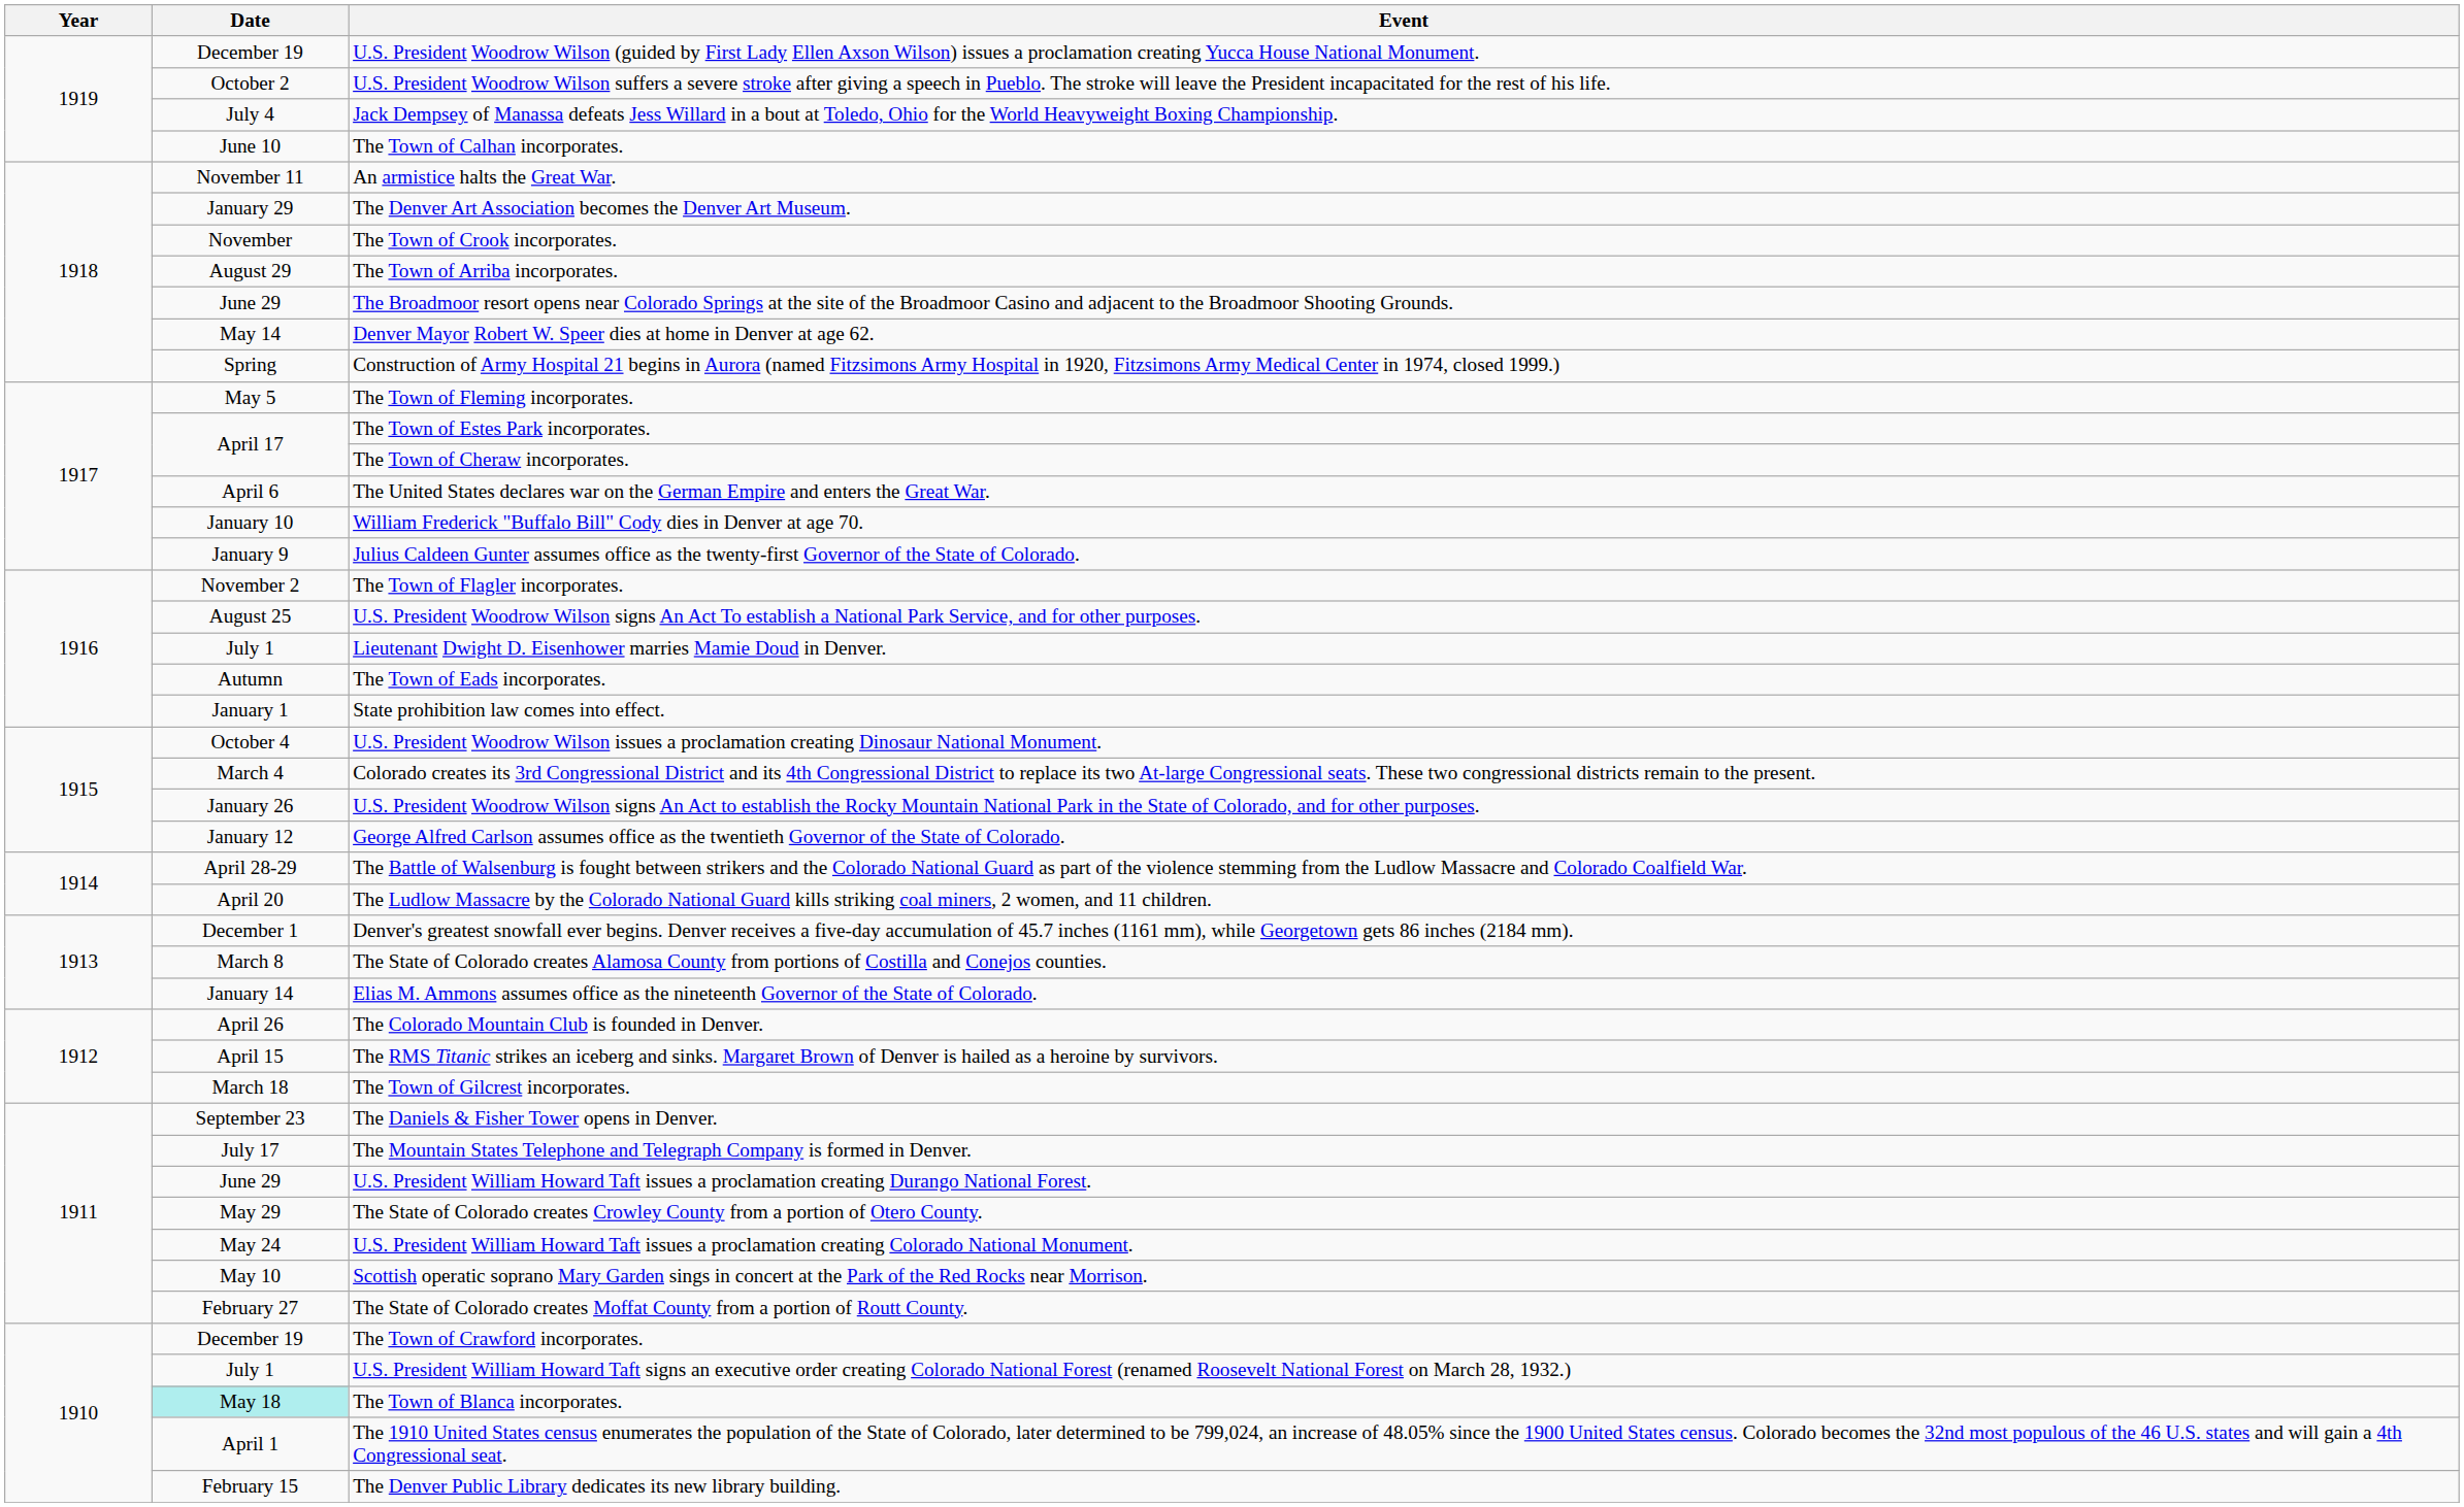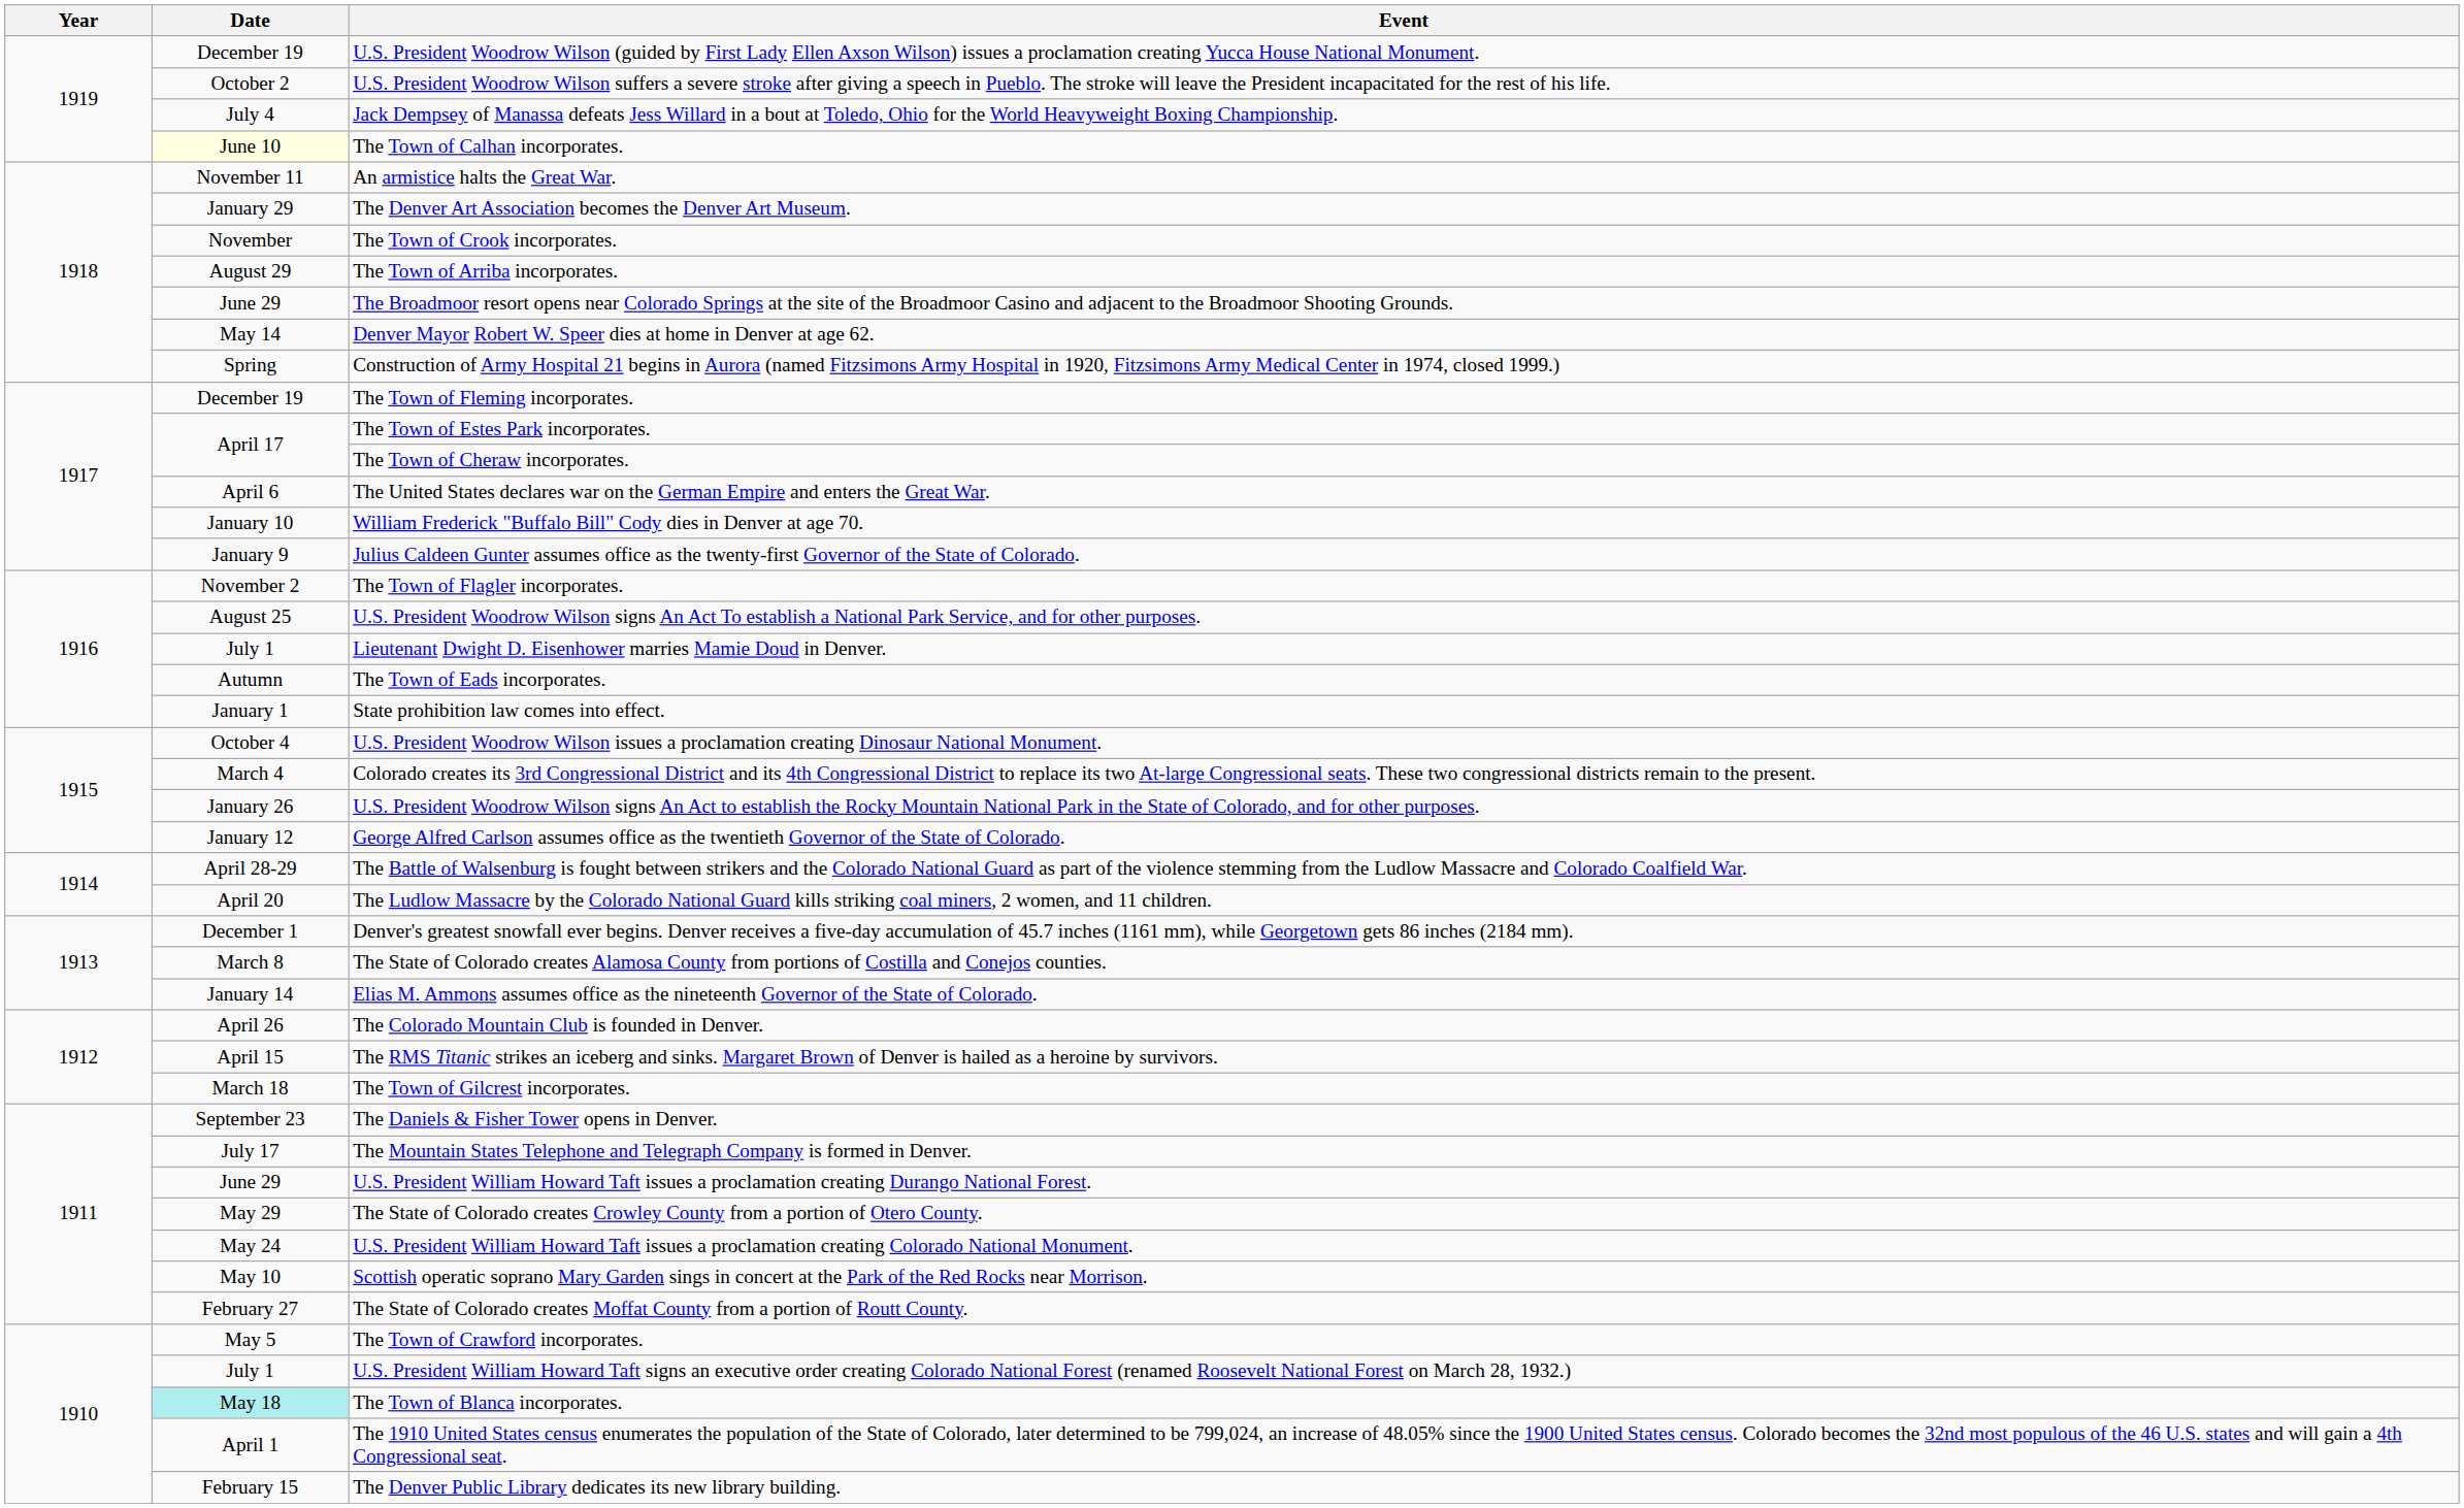 <table class="wikitable" style="width:100%;">
 <tr>
 <th style="width:6%">Year</th>
 <th style="width:8%">Date</th>
 <th style="width:86%">Event</th>
 </tr>
 <tr>
 <td align=center rowspan=4>1919</td>
 <td align=center>December 19</td>
 <td><a href='#'>U.S. President</a> <a href='#'>Woodrow Wilson</a> (guided by <a href='#'>First Lady</a> <a href='#'>Ellen Axson Wilson</a>) issues a proclamation creating <a href='#'>Yucca House National Monument</a>.</td>
 </tr>
 <tr>
 <td align=center>October 2</td>
 <td><a href='#'>U.S. President</a> <a href='#'>Woodrow Wilson</a> suffers a severe <a href='#'>stroke</a> after giving a speech in <a href='#'>Pueblo</a>. The stroke will leave the President incapacitated for the rest of his life.</td>
 </tr>
 <tr>
 <td align=center>July 4</td>
 <td><a href='#'>Jack Dempsey</a> of <a href='#'>Manassa</a> defeats <a href='#'>Jess Willard</a> in a bout at <a href='#'>Toledo, Ohio</a> for the <a href='#'>World Heavyweight Boxing Championship</a>.</td>
 </tr>
 <tr>
-<td align=center>June 10</td>
+<td align=center style="background: lightyellow;">June 10</td>
 <td>The <a href='#'>Town of Calhan</a> incorporates.</td>
 </tr>
 <tr>
 <td align=center rowspan=7>1918</td>
 <td align=center>November 11</td>
 <td>An <a href='#'>armistice</a> halts the <a href='#'>Great War</a>.</td>
 </tr>
 <tr>
 <td align=center>January 29</td>
 <td>The <a href='#'>Denver Art Association</a> becomes the <a href='#'>Denver Art Museum</a>.</td>
 </tr>
 <tr>
 <td align=center>November</td>
 <td>The <a href='#'>Town of Crook</a> incorporates.</td>
 </tr>
 <tr>
 <td align=center>August 29</td>
 <td>The <a href='#'>Town of Arriba</a> incorporates.</td>
 </tr>
 <tr>
 <td align=center>June 29</td>
 <td><a href='#'>The Broadmoor</a> resort opens near <a href='#'>Colorado Springs</a> at the site of the Broadmoor Casino and adjacent to the  Broadmoor Shooting Grounds.</td>
 </tr>
 <tr>
 <td align=center>May 14</td>
 <td><a href='#'>Denver Mayor</a> <a href='#'>Robert W. Speer</a> dies at home in Denver at age 62.</td>
 </tr>
 <tr>
 <td align=center>Spring</td>
 <td>Construction of <a href='#'>Army Hospital 21</a> begins in <a href='#'>Aurora</a> (named <a href='#'>Fitzsimons Army Hospital</a> in 1920, <a href='#'>Fitzsimons Army Medical Center</a> in 1974, closed 1999.)</td>
 </tr>
 <tr>
 <td align=center rowspan=6>1917</td>
-<td align=center>May 5</td>
+<td align=center>December 19</td>
 <td>The <a href='#'>Town of Fleming</a> incorporates.</td>
 </tr>
 <tr>
 <td align=center rowspan=2>April 17</td>
 <td>The <a href='#'>Town of Estes Park</a> incorporates.</td>
 </tr>
 <tr>
 <td>The <a href='#'>Town of Cheraw</a> incorporates.</td>
 </tr>
 <tr>
 <td align=center>April 6</td>
 <td>The United States declares war on the <a href='#'>German Empire</a> and enters the <a href='#'>Great War</a>.</td>
 </tr>
 <tr>
 <td align=center>January 10</td>
 <td><a href='#'>William Frederick "Buffalo Bill" Cody</a> dies in Denver at age 70.</td>
 </tr>
 <tr>
 <td align=center>January 9</td>
 <td><a href='#'>Julius Caldeen Gunter</a> assumes office as the twenty-first <a href='#'>Governor of the State of Colorado</a>.</td>
 </tr>
 <tr>
 <td align=center rowspan=5>1916</td>
 <td align=center>November 2</td>
 <td>The <a href='#'>Town of Flagler</a> incorporates.</td>
 </tr>
 <tr>
 <td align=center>August 25</td>
 <td><a href='#'>U.S. President</a> <a href='#'>Woodrow Wilson</a> signs <a href='#'>An Act To establish a National Park Service, and for other purposes</a>.</td>
 </tr>
 <tr>
 <td align=center>July 1</td>
 <td><a href='#'>Lieutenant</a> <a href='#'>Dwight D. Eisenhower</a> marries <a href='#'>Mamie Doud</a> in Denver.</td>
 </tr>
 <tr>
 <td align=center>Autumn</td>
 <td>The <a href='#'>Town of Eads</a> incorporates.</td>
 </tr>
 <tr>
 <td align=center>January 1</td>
 <td>State prohibition law comes into effect.</td>
 </tr>
 <tr>
 <td align=center rowspan=4>1915</td>
 <td align=center>October 4</td>
 <td><a href='#'>U.S. President</a> <a href='#'>Woodrow Wilson</a> issues a proclamation creating <a href='#'>Dinosaur National Monument</a>.</td>
 </tr>
 <tr>
 <td align=center>March 4</td>
 <td>Colorado creates its <a href='#'>3rd Congressional District</a> and its <a href='#'>4th Congressional District</a> to replace its two <a href='#'>At-large Congressional seats</a>. These two congressional districts remain to the present.</td>
 </tr>
 <tr>
 <td align=center>January 26</td>
 <td><a href='#'>U.S. President</a> <a href='#'>Woodrow Wilson</a> signs <a href='#'>An Act to establish the Rocky Mountain National Park in the State of Colorado, and for other purposes</a>.</td>
 </tr>
 <tr>
 <td align=center>January 12</td>
 <td><a href='#'>George Alfred Carlson</a> assumes office as the twentieth <a href='#'>Governor of the State of Colorado</a>.</td>
 </tr>
 <tr>
 <td align=center rowspan=2>1914</td>
 <td align=center>April 28-29</td>
 <td>The <a href='#'>Battle of Walsenburg</a> is fought between strikers and the <a href='#'>Colorado National Guard</a> as part of the violence stemming from the Ludlow Massacre and <a href='#'>Colorado Coalfield War</a>.</td>
 </tr>
 <tr>
 <td align=center>April 20</td>
 <td>The <a href='#'>Ludlow Massacre</a> by the <a href='#'>Colorado National Guard</a> kills striking <a href='#'>coal miners</a>, 2 women, and 11 children.</td>
 </tr>
 <tr>
 <td align=center rowspan=3>1913</td>
 <td align=center>December 1</td>
 <td>Denver's greatest snowfall ever begins. Denver receives a five-day accumulation of 45.7 inches (1161 mm), while <a href='#'>Georgetown</a> gets 86 inches (2184 mm).</td>
 </tr>
 <tr>
 <td align=center>March 8</td>
 <td>The State of Colorado creates <a href='#'>Alamosa County</a> from portions of <a href='#'>Costilla</a> and <a href='#'>Conejos</a> counties.</td>
 </tr>
 <tr>
 <td align=center>January 14</td>
 <td><a href='#'>Elias M. Ammons</a> assumes office as the nineteenth <a href='#'>Governor of the State of Colorado</a>.</td>
 </tr>
 <tr>
 <td align=center rowspan=3>1912</td>
 <td align=center>April 26</td>
 <td>The <a href='#'>Colorado Mountain Club</a> is founded in Denver.</td>
 </tr>
 <tr>
 <td align=center>April 15</td>
 <td>The <a href='#'>RMS <em>Titanic</em></a> strikes an iceberg and sinks. <a href='#'>Margaret Brown</a> of Denver is hailed as a heroine by survivors.</td>
 </tr>
 <tr>
 <td align=center>March 18</td>
 <td>The <a href='#'>Town of Gilcrest</a> incorporates.</td>
 </tr>
 <tr>
 <td align=center rowspan=7>1911</td>
 <td align=center>September 23</td>
 <td>The <a href='#'>Daniels & Fisher Tower</a> opens in Denver.</td>
 </tr>
 <tr>
 <td align=center>July 17</td>
 <td>The <a href='#'>Mountain States Telephone and Telegraph Company</a> is formed in Denver.</td>
 </tr>
 <tr>
 <td align=center>June 29</td>
 <td><a href='#'>U.S. President</a> <a href='#'>William Howard Taft</a> issues a proclamation creating <a href='#'>Durango National Forest</a>.</td>
 </tr>
 <tr>
 <td align=center>May 29</td>
 <td>The State of Colorado creates <a href='#'>Crowley County</a> from a portion of <a href='#'>Otero County</a>.</td>
 </tr>
 <tr>
 <td align=center>May 24</td>
 <td><a href='#'>U.S. President</a> <a href='#'>William Howard Taft</a> issues a proclamation creating <a href='#'>Colorado National Monument</a>.</td>
 </tr>
 <tr>
 <td align=center>May 10</td>
 <td><a href='#'>Scottish</a> operatic soprano <a href='#'>Mary Garden</a> sings in concert at the <a href='#'>Park of the Red Rocks</a> near <a href='#'>Morrison</a>.</td>
 </tr>
 <tr>
 <td align=center>February 27</td>
 <td>The State of Colorado creates <a href='#'>Moffat County</a> from a portion of <a href='#'>Routt County</a>.</td>
 </tr>
 <tr>
 <td align=center rowspan=5>1910</td>
-<td align=center>December 19</td>
+<td align=center>May 5</td>
 <td>The <a href='#'>Town of Crawford</a> incorporates.</td>
 </tr>
 <tr>
 <td align=center>July 1</td>
 <td><a href='#'>U.S. President</a> <a href='#'>William Howard Taft</a> signs an executive order creating <a href='#'>Colorado National Forest</a> (renamed <a href='#'>Roosevelt National Forest</a> on March 28, 1932.)</td>
 </tr>
 <tr>
 <td align=center style="background: paleturquoise;">May 18</td>
 <td>The <a href='#'>Town of Blanca</a> incorporates.</td>
 </tr>
 <tr>
 <td align=center>April 1</td>
 <td>The <a href='#'>1910 United States census</a> enumerates the population of the State of Colorado, later determined to be 799,024, an increase of 48.05% since the <a href='#'>1900 United States census</a>. Colorado becomes the <a href='#'>32nd most populous of the 46 U.S. states</a> and will gain a <a href='#'>4th Congressional seat</a>.</td>
 </tr>
 <tr>
 <td align=center>February 15</td>
 <td>The <a href='#'>Denver Public Library</a> dedicates its new library building.</td>
 </tr>
 </table>
